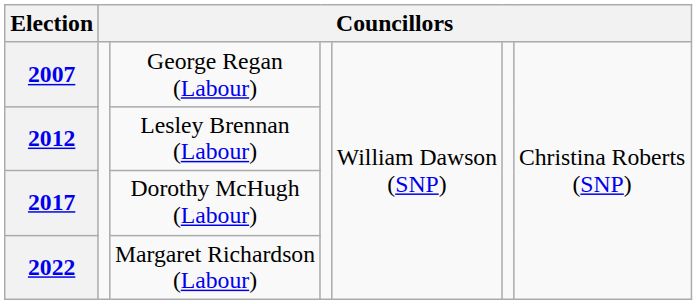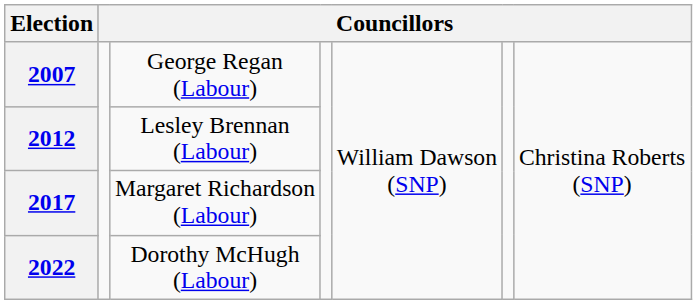 <table class="wikitable" style="text-align:center">
 <tr>
 <th>Election</th>
 <th colspan="8">Councillors</th>
 </tr>
 <tr>
 <th><a href='#'>2007</a></th>
 <td rowspan="4;" style="background-color: "></td>
 <td rowspan="1">George Regan<br>(<a href='#'>Labour</a>)</td>
 <td rowspan="4;" style="background-color: "></td>
 <td rowspan="4">William Dawson<br>(<a href='#'>SNP</a>)</td>
 <td rowspan="4;" style="background-color: "></td>
 <td rowspan="4">Christina Roberts<br>(<a href='#'>SNP</a>)</td>
 </tr>
 <tr>
 <th><a href='#'>2012</a></th>
 <td rowspan="1">Lesley Brennan<br>(<a href='#'>Labour</a>)</td>
 </tr>
 <tr>
 <th><a href='#'>2017</a></th>
-<td>Dorothy McHugh<br>(<a href='#'>Labour</a>)</td>
+<td rowspan="1">Margaret Richardson<br>(<a href='#'>Labour</a>)</td>
 </tr>
 <tr>
 <th><a href='#'>2022</a></th>
-<td rowspan="1">Margaret Richardson<br>(<a href='#'>Labour</a>)</td>
+<td>Dorothy McHugh<br>(<a href='#'>Labour</a>)</td>
 </tr>
 </table>
